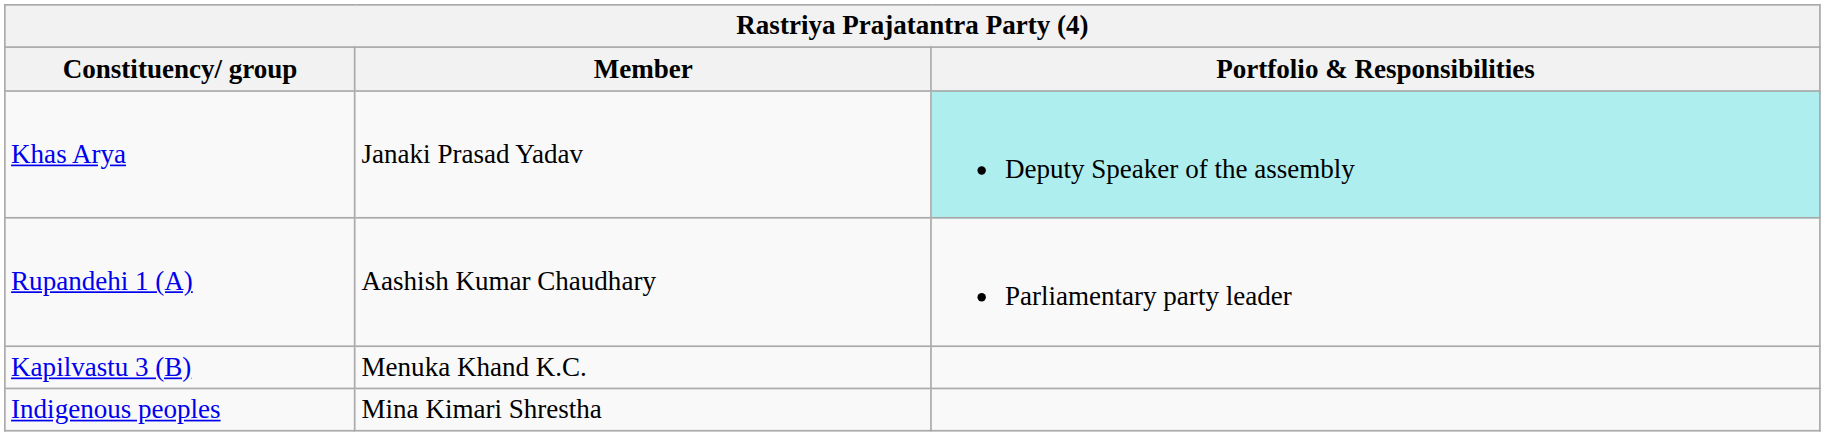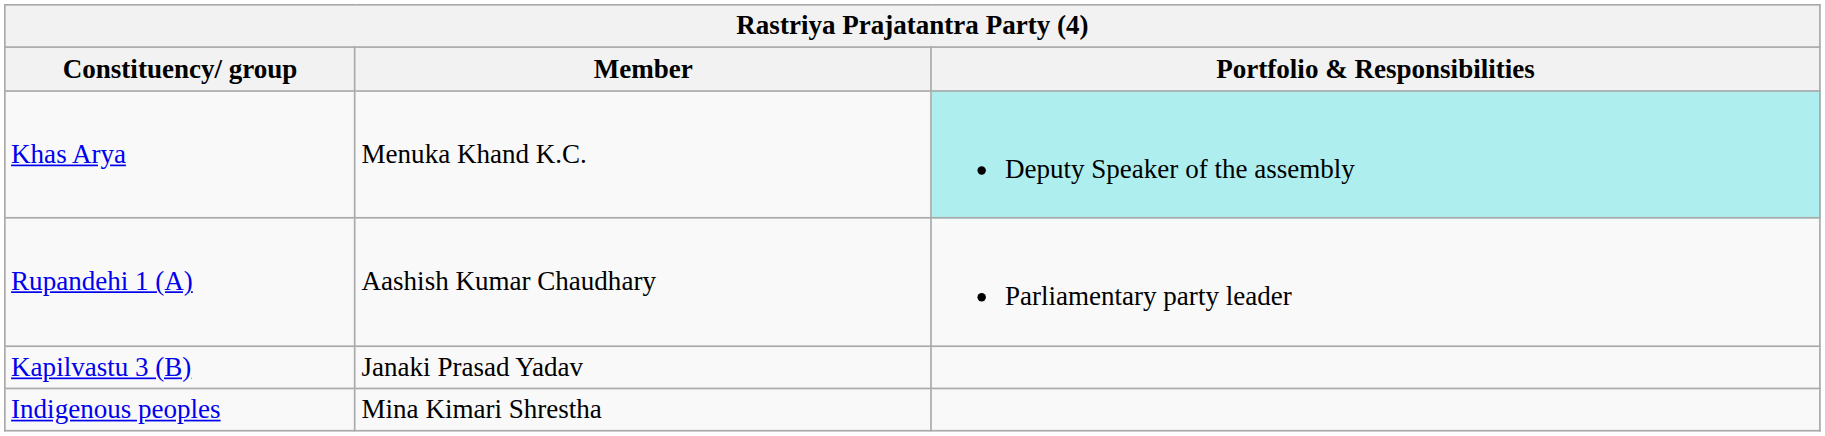 <table class="wikitable sortable">
 <tr>
 <th colspan="3" style="width: 800pt; background:">Rastriya Prajatantra Party (4)</th>
 </tr>
 <tr>
 <th style="width:150pt;">Constituency/ group</th>
 <th style="width:250pt;">Member</th>
 <th>Portfolio & Responsibilities</th>
 </tr>
 <tr>
 <td><a href='#'>Khas Arya</a></td>
-<td>Janaki Prasad Yadav</td>
+<td>Menuka Khand K.C.</td>
 <td style="background: paleturquoise;"><br><ul><li>Deputy Speaker of the assembly</li></ul></td>
 </tr>
 <tr>
 <td><a href='#'>Rupandehi 1 (A)</a></td>
 <td>Aashish Kumar Chaudhary</td>
 <td><br><ul><li>Parliamentary party leader</li></ul></td>
 </tr>
 <tr>
 <td><a href='#'>Kapilvastu 3 (B)</a></td>
-<td>Menuka Khand K.C.</td>
+<td>Janaki Prasad Yadav</td>
 <td></td>
 </tr>
 <tr>
 <td><a href='#'>Indigenous peoples</a></td>
 <td>Mina Kimari Shrestha</td>
 <td></td>
 </tr>
 </table>
